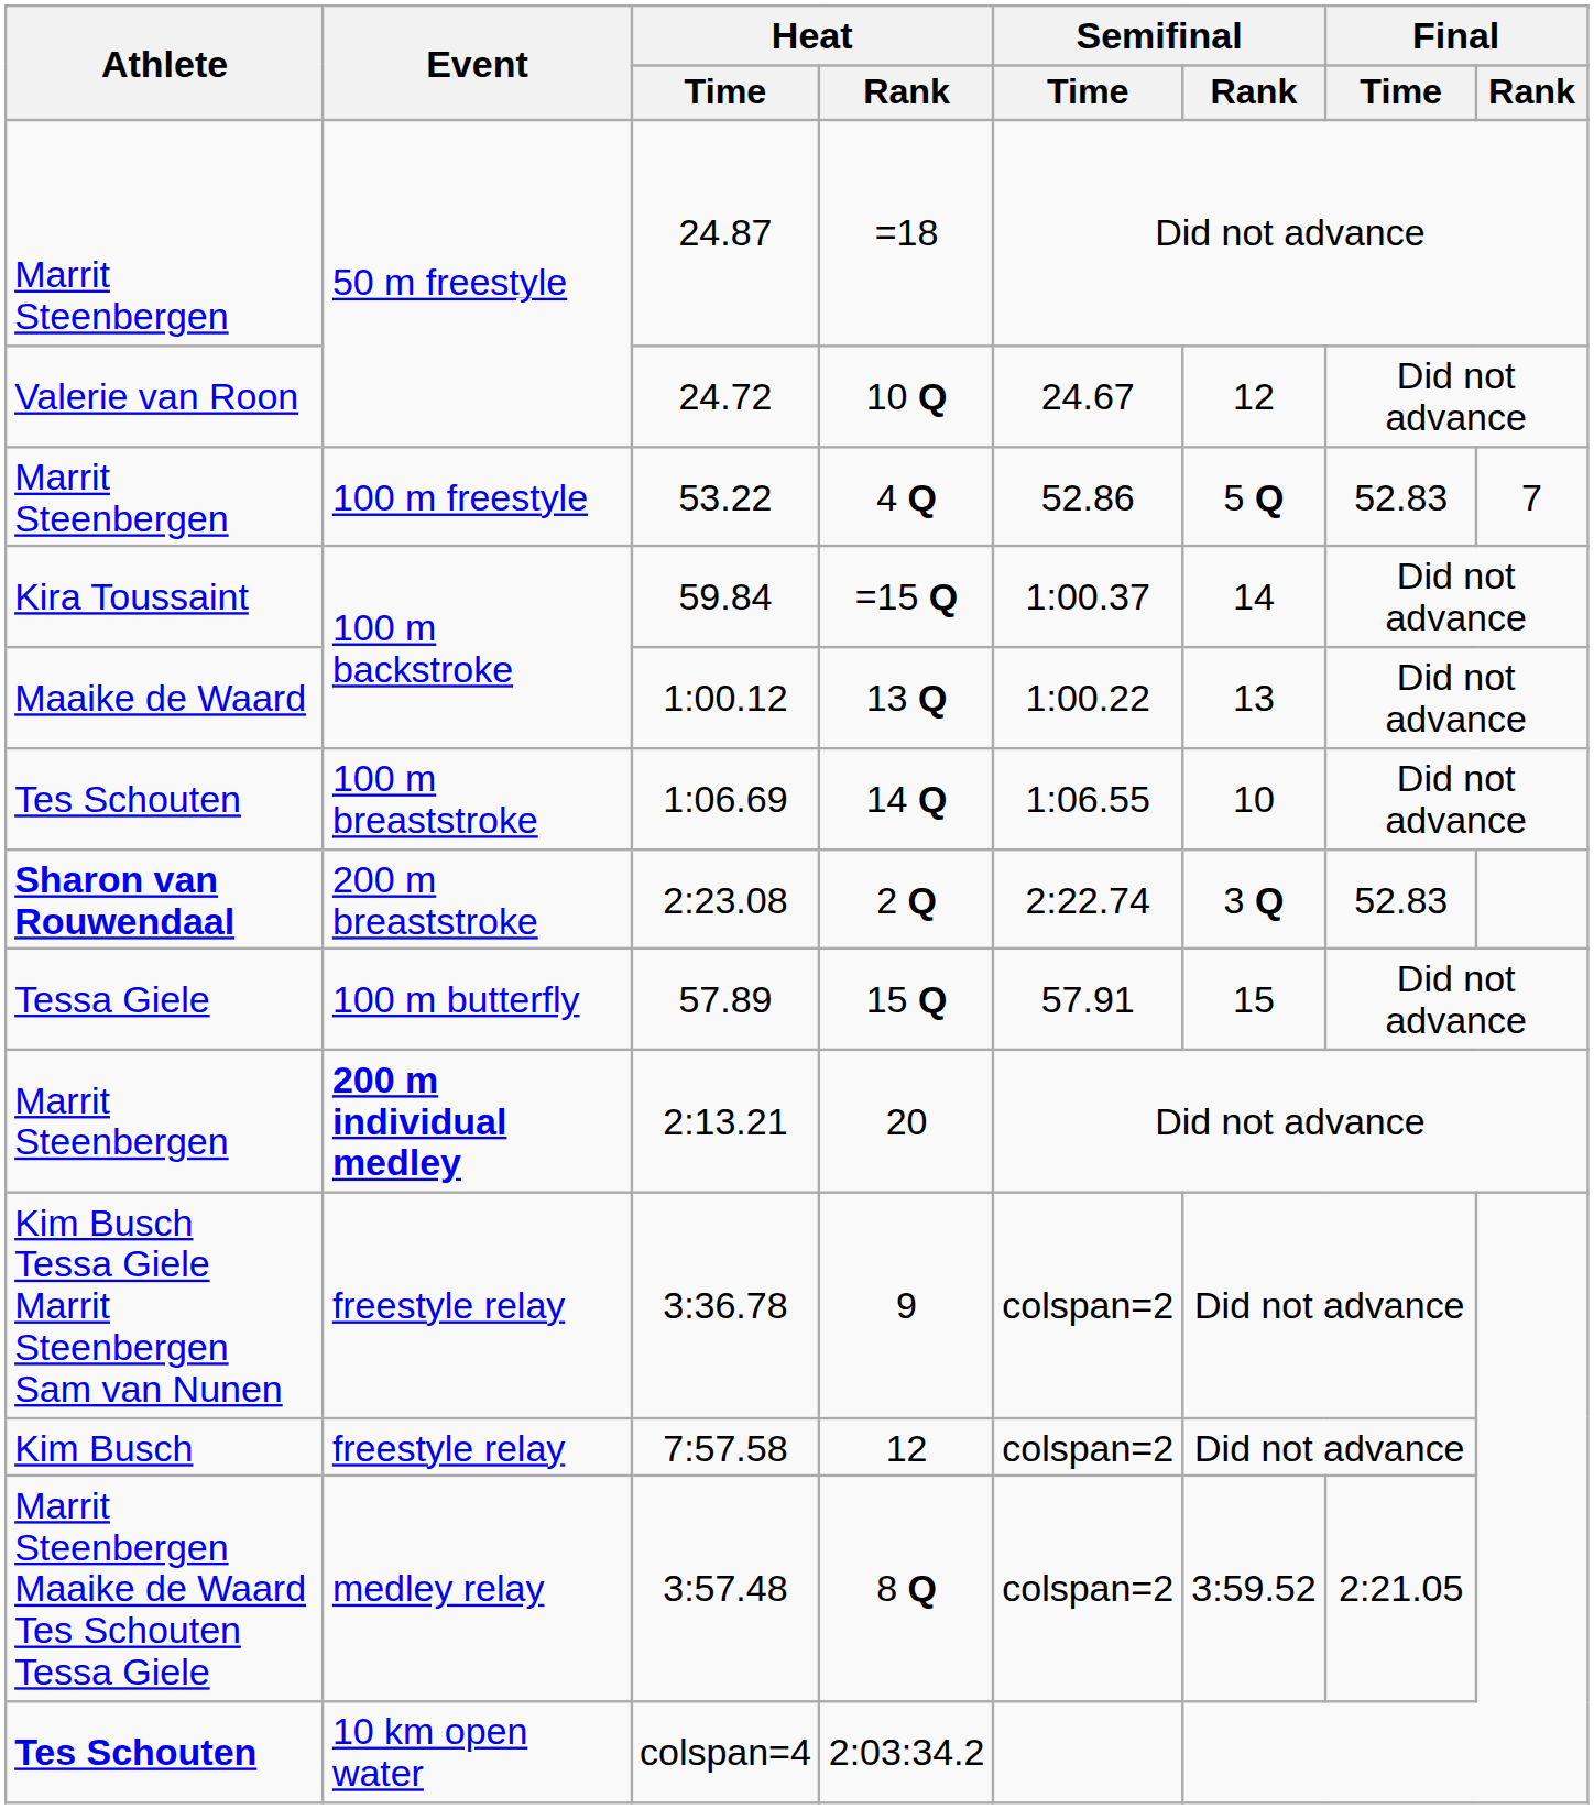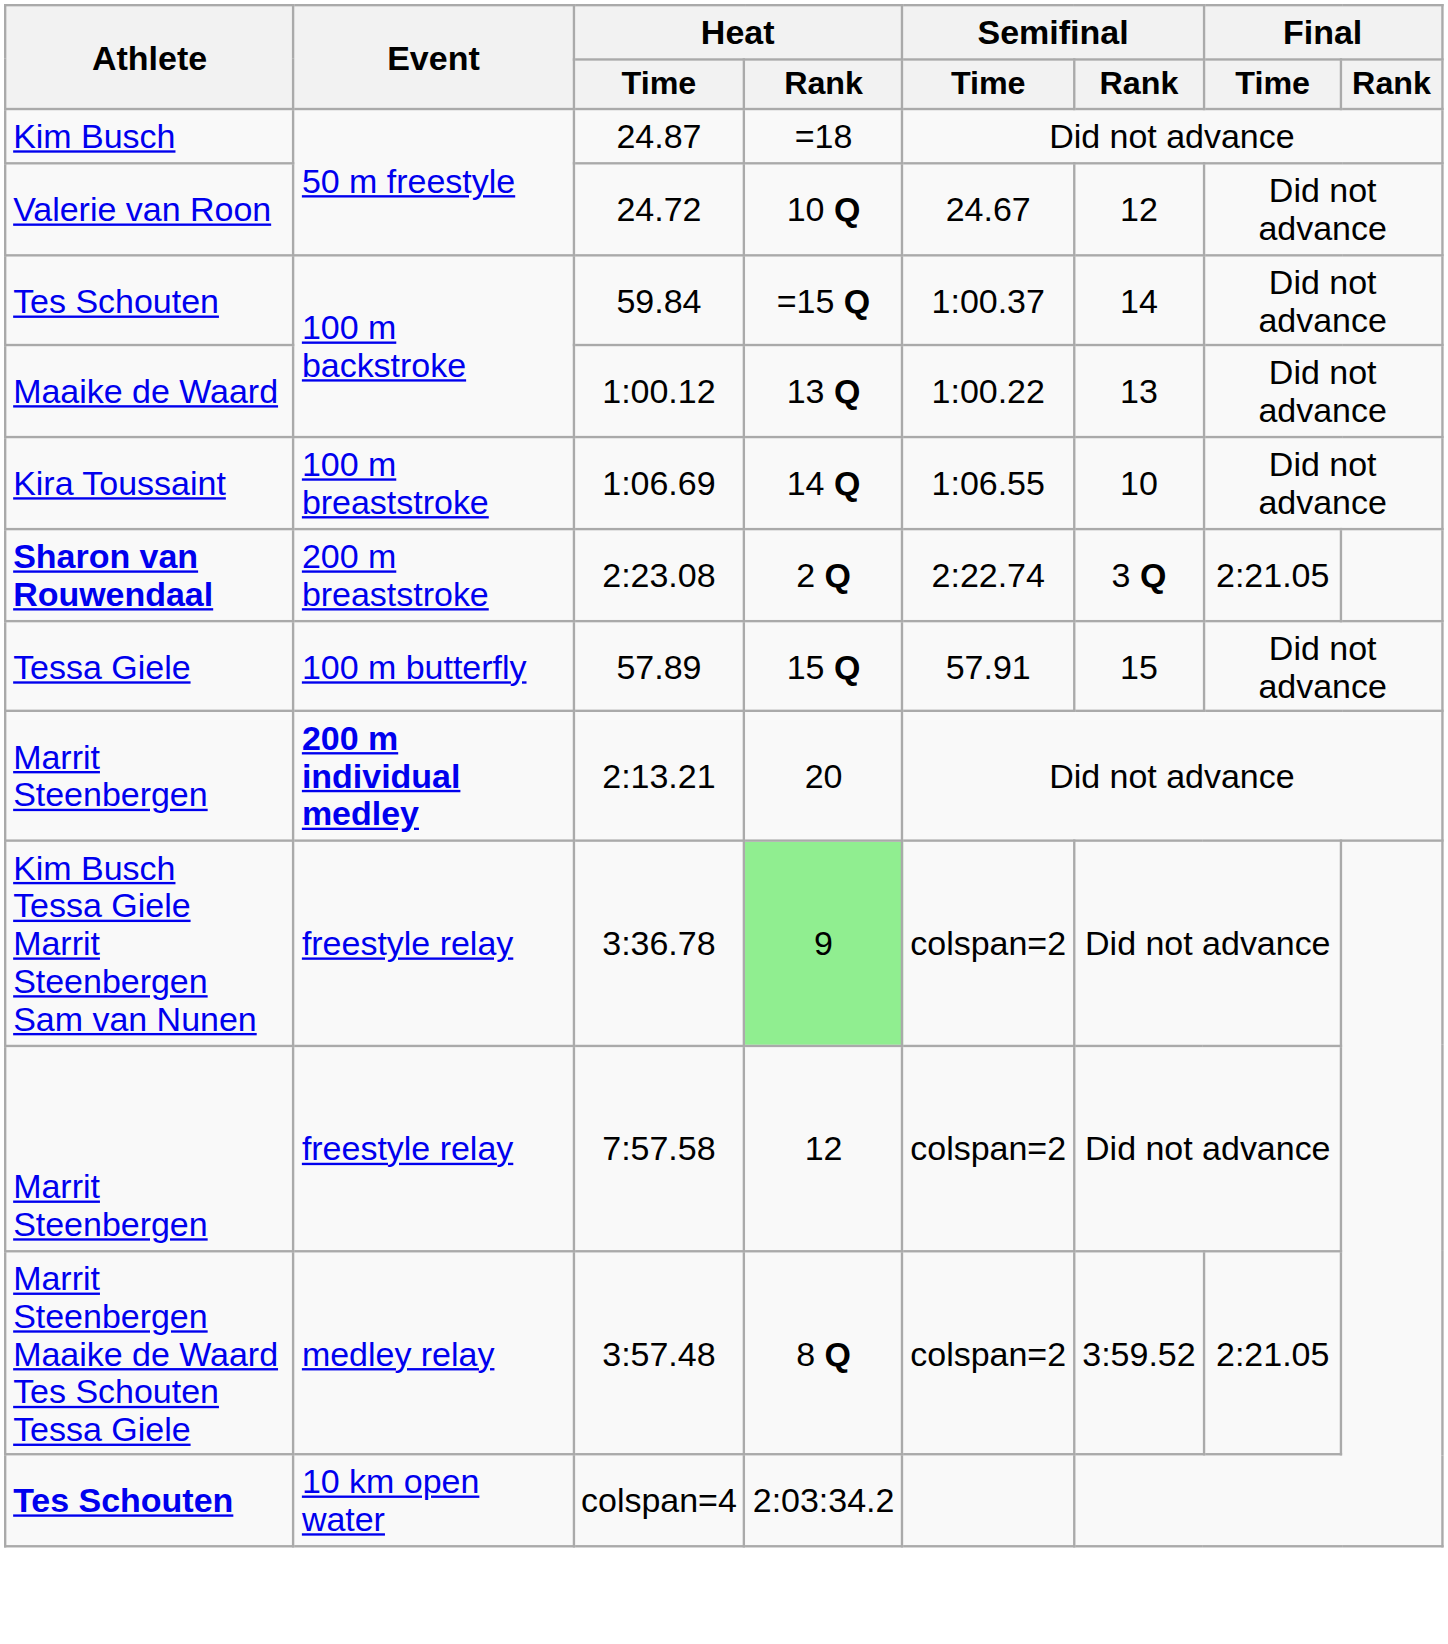 <table class=wikitable style="font-size:90%;">
 <tr>
 <th rowspan=2>Athlete</th>
 <th rowspan=2>Event</th>
 <th colspan=2>Heat</th>
 <th colspan=2>Semifinal</th>
 <th colspan=2>Final</th>
 </tr>
 <tr style="font-size:95%">
 <th>Time</th>
 <th>Rank</th>
 <th>Time</th>
 <th>Rank</th>
 <th>Time</th>
 <th>Rank</th>
 </tr>
 <tr align=center>
-<td align=left><br><br><br><a href='#'>Marrit Steenbergen</a></td>
+<td align=left><a href='#'>Kim Busch</a></td>
 <td align=left rowspan=2><a href='#'>50 m freestyle</a></td>
 <td>24.87</td>
 <td>=18</td>
 <td colspan=4>Did not advance</td>
 </tr>
 <tr align=center>
 <td align=left><a href='#'>Valerie van Roon</a></td>
 <td>24.72</td>
 <td>10 <strong>Q</strong></td>
 <td>24.67</td>
 <td>12</td>
 <td colspan=2>Did not advance</td>
 </tr>
 <tr align=center>
-<td align=left><a href='#'>Marrit Steenbergen</a></td>
-<td align=left><a href='#'>100 m freestyle</a></td>
-<td>53.22</td>
-<td>4 <strong>Q</strong></td>
-<td>52.86</td>
-<td>5 <strong>Q</strong></td>
-<td>52.83</td>
-<td>7</td>
-</tr>
-<tr align=center>
-<td align=left><a href='#'>Kira Toussaint</a></td>
+<td align=left><a href='#'>Tes Schouten</a></td>
 <td align=left rowspan=2><a href='#'>100 m backstroke</a></td>
 <td>59.84</td>
 <td>=15 <strong>Q</strong></td>
 <td>1:00.37</td>
 <td>14</td>
 <td colspan=2>Did not advance</td>
 </tr>
 <tr align=center>
 <td align=left><a href='#'>Maaike de Waard</a></td>
 <td>1:00.12</td>
 <td>13 <strong>Q</strong></td>
 <td>1:00.22</td>
 <td>13</td>
 <td colspan=2>Did not advance</td>
 </tr>
 <tr align=center>
-<td align=left><a href='#'>Tes Schouten</a></td>
+<td align=left><a href='#'>Kira Toussaint</a></td>
 <td align=left><a href='#'>100 m breaststroke</a></td>
 <td>1:06.69</td>
 <td>14 <strong>Q</strong></td>
 <td>1:06.55</td>
 <td>10</td>
 <td colspan=2>Did not advance</td>
 </tr>
 <tr align=center>
 <td align=left><strong><a href='#'>Sharon van Rouwendaal</a></strong></td>
 <td align=left><a href='#'>200 m breaststroke</a></td>
 <td>2:23.08</td>
 <td>2 <strong>Q</strong></td>
 <td>2:22.74</td>
 <td>3 <strong>Q</strong></td>
-<td>52.83</td>
+<td>2:21.05</td>
 <td></td>
 </tr>
 <tr align=center>
 <td align=left><a href='#'>Tessa Giele</a></td>
 <td align=left><a href='#'>100 m butterfly</a></td>
 <td>57.89</td>
 <td>15 <strong>Q</strong></td>
 <td>57.91</td>
 <td>15</td>
 <td colspan=2>Did not advance</td>
 </tr>
 <tr align=center>
 <td align=left><a href='#'>Marrit Steenbergen</a></td>
 <td align=left><strong><a href='#'>200 m individual medley</a></strong></td>
 <td>2:13.21</td>
 <td>20</td>
 <td colspan=4>Did not advance</td>
 </tr>
 <tr align=center>
 <td align=left><a href='#'>Kim Busch</a><br><a href='#'>Tessa Giele</a><br><a href='#'>Marrit Steenbergen</a><br><a href='#'>Sam van Nunen</a></td>
 <td align=left><a href='#'> freestyle relay</a></td>
 <td>3:36.78</td>
-<td>9</td>
+<td style="background: lightgreen;">9</td>
 <td>colspan=2 </td>
 <td colspan=2>Did not advance</td>
 </tr>
 <tr align=center>
-<td align=left><a href='#'>Kim Busch</a></td>
+<td align=left><br><br><br><a href='#'>Marrit Steenbergen</a></td>
 <td align=left><a href='#'> freestyle relay</a></td>
 <td>7:57.58</td>
 <td>12</td>
 <td>colspan=2 </td>
 <td colspan=2>Did not advance</td>
 </tr>
 <tr align=center>
 <td align=left><a href='#'>Marrit Steenbergen</a><br><a href='#'>Maaike de Waard</a><br><a href='#'>Tes Schouten</a><br><a href='#'>Tessa Giele</a></td>
 <td align=left><a href='#'> medley relay</a></td>
 <td>3:57.48</td>
 <td>8 <strong>Q</strong></td>
 <td>colspan=2 </td>
 <td>3:59.52</td>
 <td>2:21.05</td>
 </tr>
 <tr align=center>
 <td align=left><strong><a href='#'>Tes Schouten</a></strong></td>
 <td align=left><a href='#'>10 km open water</a></td>
 <td>colspan=4 </td>
 <td>2:03:34.2</td>
 <td></td>
 </tr>
 </table>
